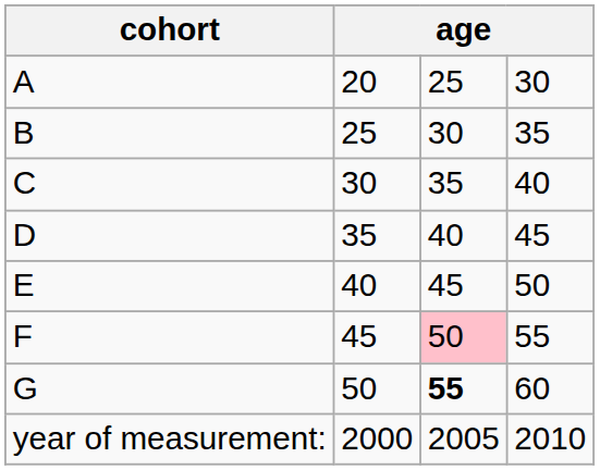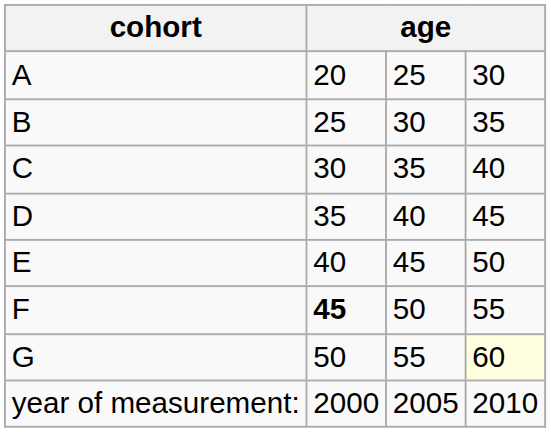 <table class="wikitable">
 <tr>
 <th>cohort</th>
 <th colspan="3">age</th>
 </tr>
 <tr>
 <td>A</td>
 <td>20</td>
 <td>25</td>
 <td>30</td>
 </tr>
 <tr>
 <td>B</td>
 <td>25</td>
 <td>30</td>
 <td>35</td>
 </tr>
 <tr>
 <td>C</td>
 <td>30</td>
 <td>35</td>
 <td>40</td>
 </tr>
 <tr>
 <td>D</td>
 <td>35</td>
 <td>40</td>
 <td>45</td>
 </tr>
 <tr>
 <td>E</td>
 <td>40</td>
 <td>45</td>
 <td>50</td>
 </tr>
 <tr>
 <td>F</td>
-<td>45</td>
-<td style="background: pink;">50</td>
+<td><strong>45</strong></td>
+<td>50</td>
 <td>55</td>
 </tr>
 <tr>
 <td>G</td>
 <td>50</td>
-<td><strong>55</strong></td>
-<td>60</td>
+<td>55</td>
+<td style="background: lightyellow;">60</td>
 </tr>
 <tr>
 <td>year of measurement:</td>
 <td>2000</td>
 <td>2005</td>
 <td>2010</td>
 </tr>
 </table>
